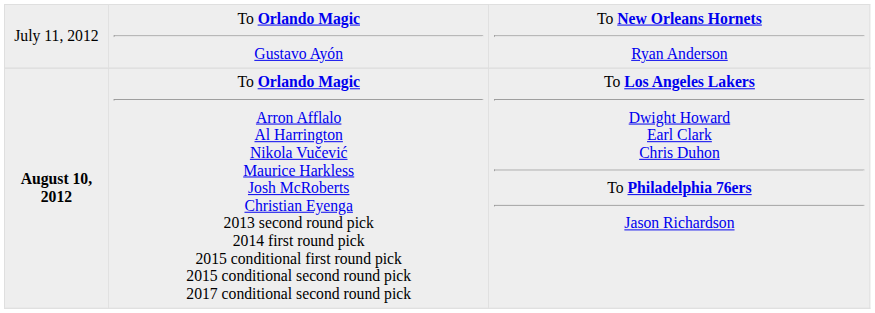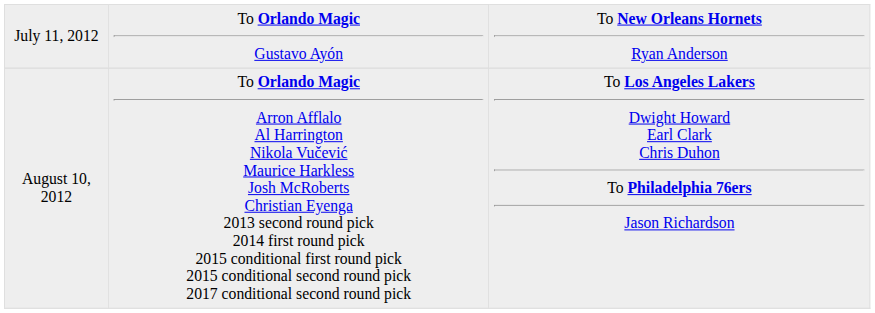 <table border=1 style="border-collapse:collapse; text-align: center; width: 100%" bordercolor="#DFDFDF"  cellpadding="5">
 <tr bgcolor="eeeeee">
 <td style="width:12%">July 11, 2012</td>
 <td style="width:44%" valign="top">To <strong><a href='#'>Orlando Magic</a></strong><hr><a href='#'>Gustavo Ayón</a></td>
 <td style="width:44%" valign="top">To <strong><a href='#'>New Orleans Hornets</a></strong><hr><a href='#'>Ryan Anderson</a> </td>
 </tr>
 <tr>
 </tr>
 <tr bgcolor="eeeeee">
-<td style="width:12%"><strong>August 10, 2012</strong></td>
+<td style="width:12%">August 10, 2012</td>
 <td style="width:44%" valign="top">To <strong><a href='#'>Orlando Magic</a></strong><hr><a href='#'>Arron Afflalo</a> <br><a href='#'>Al Harrington</a> <br><a href='#'>Nikola Vučević</a> <br><a href='#'>Maurice Harkless</a> <br><a href='#'>Josh McRoberts</a> <br><a href='#'>Christian Eyenga</a> <br>2013 second round pick <br>2014 first round pick <br>2015 conditional first round pick <br>2015 conditional second round pick <br>2017 conditional second round pick </td>
 <td style="width:44%" valign="top">To <strong><a href='#'>Los Angeles Lakers</a></strong><hr><a href='#'>Dwight Howard</a><br><a href='#'>Earl Clark</a><br><a href='#'>Chris Duhon</a><hr>To <strong><a href='#'>Philadelphia 76ers</a></strong><hr><a href='#'>Jason Richardson</a></td>
 </tr>
 <tr>
 </tr>
 </table>
